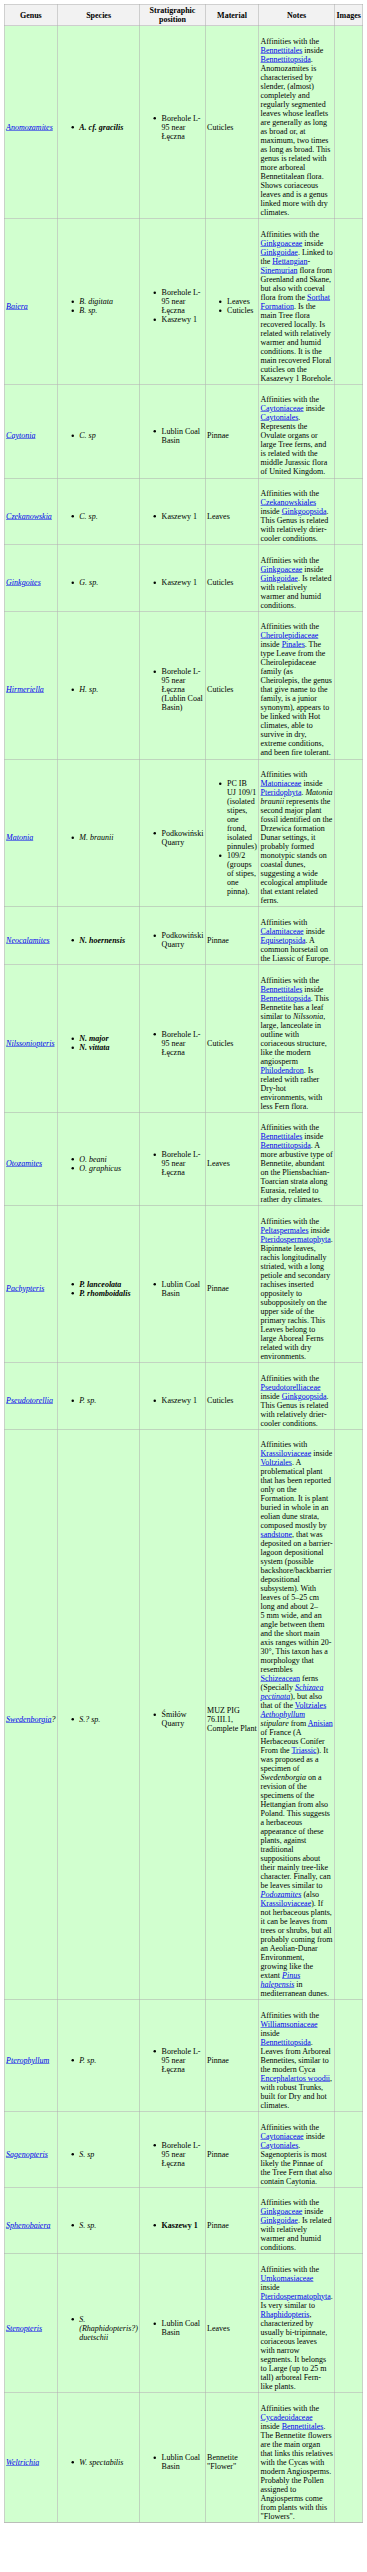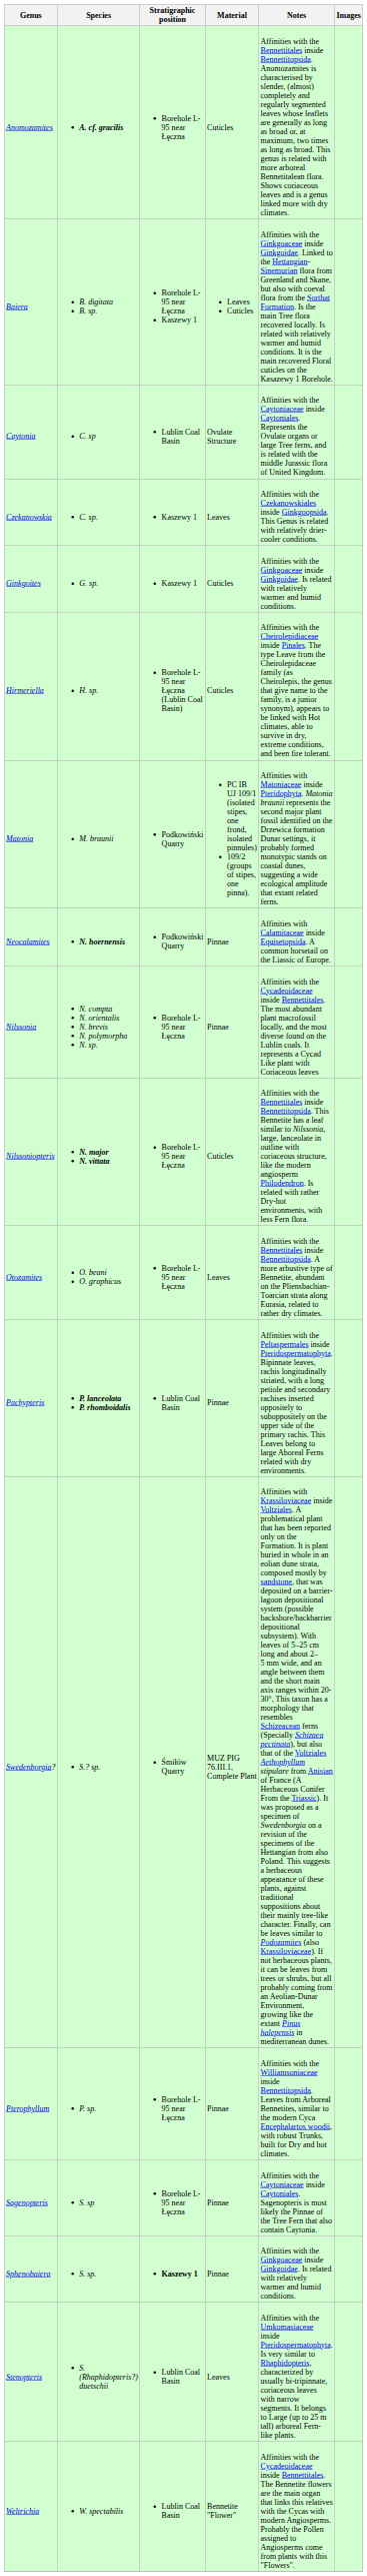 <table class = "wikitable">
 <tr>
 <th>Genus</th>
 <th>Species</th>
 <th>Stratigraphic position</th>
 <th>Material</th>
 <th>Notes</th>
 <th>Images</th>
 </tr>
 <tr>
 <td style="background:#D1FFCF;"><br><em><a href='#'>Anomozamites</a></em></td>
 <td style="background:#D1FFCF;"><strong><br><ul><li><em>A. cf. gracilis</em></li></ul></strong></td>
 <td style="background:#D1FFCF;"><br><ul><li>Borehole L-95 near Łęczna</li></ul></td>
 <td style="background:#D1FFCF;"><br>Cuticles</td>
 <td style="background:#D1FFCF;"><br>Affinities with the <a href='#'>Bennettitales</a> inside <a href='#'>Bennettitopsida</a>. Anomozamites is characterised by slender, (almost) completely and regularly segmented leaves whose leaflets are generally as long as broad or, at maximum, two times as long as broad. This genus is related with more arboreal Bennetitalean flora. Shows coriaceous leaves and is a genus linked more with dry climates.</td>
 <td style="background:#D1FFCF;"><br></td>
 </tr>
 <tr>
 <td style="background:#D1FFCF;"><br><em><a href='#'>Baiera</a></em></td>
 <td style="background:#D1FFCF;"><br><ul><li><em>B. digitata</em></li><li><em>B. sp.</em></li></ul></td>
 <td style="background:#D1FFCF;"><br><ul><li>Borehole L-95 near Łęczna</li><li>Kaszewy 1</li></ul></td>
 <td style="background:#D1FFCF;"><br><ul><li>Leaves</li><li>Cuticles</li></ul></td>
 <td style="background:#D1FFCF;"><br>Affinities with the <a href='#'>Ginkgoaceae</a> inside <a href='#'>Ginkgoidae</a>. Linked to the <a href='#'>Hettangian</a>-<a href='#'>Sinemurian</a> flora from Greenland and Skane, but also with coeval flora from the <a href='#'>Sorthat Formation</a>. Is the main Tree flora recovered locally. Is related with relatively warmer and  humid conditions. It is the main recovered Floral cuticles on the Kasazewy 1 Borehole.</td>
 <td style="background:#D1FFCF;"><br></td>
 </tr>
 <tr>
 <td style="background:#D1FFCF;"><br><em><a href='#'>Caytonia</a></em></td>
 <td style="background:#D1FFCF;"><br><ul><li><em>C. sp</em></li></ul></td>
 <td style="background:#D1FFCF;"><br><ul><li>Lublin Coal Basin</li></ul></td>
-<td style="background:#D1FFCF;"><br>Pinnae</td>
+<td style="background:#D1FFCF;"><br>Ovulate Structure</td>
 <td style="background:#D1FFCF;"><br>Affinities with the <a href='#'>Caytoniaceae</a> inside <a href='#'>Caytoniales</a>. Represents the Ovulate organs or large Tree ferns, and is related with the middle Jurassic flora of United Kingdom.</td>
 <td style="background:#D1FFCF;"><br></td>
 </tr>
 <tr>
 <td style="background:#D1FFCF;"><br><em><a href='#'>Czekanowskia</a></em></td>
 <td style="background:#D1FFCF;"><br><ul><li><em>C. sp.</em></li></ul></td>
 <td style="background:#D1FFCF;"><br><ul><li>Kaszewy 1</li></ul></td>
 <td style="background:#D1FFCF;"><br>Leaves</td>
 <td style="background:#D1FFCF;"><br>Affinities with the <a href='#'>Czekanowskiales</a> inside <a href='#'>Ginkgoopsida</a>. This Genus is related with relatively drier-cooler conditions.</td>
 <td style="background:#D1FFCF;"></td>
 </tr>
 <tr>
 <td style="background:#D1FFCF;"><br><em><a href='#'>Ginkgoites</a></em></td>
 <td style="background:#D1FFCF;"><br><ul><li><em>G. sp.</em></li></ul></td>
 <td style="background:#D1FFCF;"><br><ul><li>Kaszewy 1</li></ul></td>
 <td style="background:#D1FFCF;"><br>Cuticles</td>
 <td style="background:#D1FFCF;"><br>Affinities with the <a href='#'>Ginkgoaceae</a> inside <a href='#'>Ginkgoidae</a>. Is related with relatively warmer and  humid conditions.</td>
 <td style="background:#D1FFCF;"><br></td>
 </tr>
 <tr>
 <td style="background:#D1FFCF;"><br><em><a href='#'>Hirmeriella</a></em></td>
 <td style="background:#D1FFCF;"><br><ul><li><em>H. sp.</em></li></ul></td>
 <td style="background:#D1FFCF;"><br><ul><li>Borehole L-95 near Łęczna (Lublin Coal Basin)</li></ul></td>
 <td style="background:#D1FFCF;"><br>Cuticles</td>
 <td style="background:#D1FFCF;"><br>Affinities with the <a href='#'>Cheirolepidiaceae</a> inside <a href='#'>Pinales</a>. The type Leave from the Cheirolepidaceae family (as Cheirolepis, the genus that give name to the family, is a junior synonym), appears to be linked with Hot climates, able to survive in dry, extreme conditions, and been fire tolerant.</td>
 <td style="background:#D1FFCF;"></td>
 </tr>
 <tr>
 <td style="background:#D1FFCF;"><br><em><a href='#'>Matonia</a></em></td>
 <td style="background:#D1FFCF;"><br><ul><li><em>M. braunii</em></li></ul></td>
 <td style="background:#D1FFCF;"><br><ul><li>Podkowiński Quarry</li></ul></td>
 <td style="background:#D1FFCF;"><br><ul><li>PC IB UJ 109/1 (isolated stipes, one frond, isolated pinnules)</li><li>109/2 (groups of stipes, one pinna).</li></ul></td>
 <td style="background:#D1FFCF;"><br>Affinities with <a href='#'>Matoniaceae</a> inside <a href='#'>Pteridophyta</a>. <em>Matonia braunii</em> represents the second major plant fossil identified on the Drzewica formation Dunar settings,  it probably formed monotypic stands on coastal dunes, suggesting a wide ecological amplitude that extant related ferns.</td>
 <td style="background:#D1FFCF;"></td>
 </tr>
 <tr>
 <td style="background:#D1FFCF;"><br><em><a href='#'>Neocalamites</a></em></td>
 <td style="background:#D1FFCF;"><strong><br><ul><li><em>N. hoernensis</em></li></ul></strong></td>
 <td style="background:#D1FFCF;"><br><ul><li>Podkowiński Quarry</li></ul></td>
 <td style="background:#D1FFCF;"><br>Pinnae</td>
 <td style="background:#D1FFCF;"><br>Affinities with <a href='#'>Calamitaceae</a> inside <a href='#'>Equisetopsida</a>. A common horsetail on the Liassic of Europe.</td>
 <td style="background:#D1FFCF;"><br></td>
 </tr>
 <tr>
+<td style="background:#D1FFCF;"><br><em><a href='#'>Nilssonia</a></em></td>
+<td style="background:#D1FFCF;"><br><ul><li><em>N. compta</em></li><li><em>N. orientalis</em></li><li><em>N. brevis</em></li><li><em>N. polymorpha</em></li><li><em>N. sp.</em></li></ul></td>
+<td style="background:#D1FFCF;"><br><ul><li>Borehole L-95 near Łęczna</li></ul></td>
+<td style="background:#D1FFCF;"><br>Pinnae</td>
+<td style="background:#D1FFCF;"><br>Affinities with the <a href='#'>Cycadeoidaceae</a> inside <a href='#'>Bennettitales</a>. The most abundant plant macrofossil locally, and the most diverse found on the Lublin coals. It represents a Cycad Like plant with Coriaceous leaves</td>
+<td style="background:#D1FFCF;"><br></td>
+</tr>
+<tr>
 <td style="background:#D1FFCF;"><br><em><a href='#'>Nilssoniopteris</a></em></td>
 <td style="background:#D1FFCF;"><strong><br><ul><li><em>N. major</em></li><li><em>N. vittata</em></li></ul></strong></td>
 <td style="background:#D1FFCF;"><br><ul><li>Borehole L-95 near Łęczna</li></ul></td>
 <td style="background:#D1FFCF;"><br>Cuticles</td>
 <td style="background:#D1FFCF;"><br>Affinities with the <a href='#'>Bennettitales</a> inside <a href='#'>Bennettitopsida</a>. This Bennetite has a leaf similar to <em>Nilssonia</em>, large, lanceolate in outline with coriaceous structure, like the modern angiosperm <a href='#'>Philodendron</a>. Is related with rather Dry-hot environments, with less Fern flora.</td>
 <td style="background:#D1FFCF;"></td>
 </tr>
 <tr>
 <td style="background:#D1FFCF;"><br><em><a href='#'>Otozamites</a></em></td>
 <td style="background:#D1FFCF;"><br><ul><li><em>O. beani</em></li><li><em>O. graphicus</em></li></ul></td>
 <td style="background:#D1FFCF;"><br><ul><li>Borehole L-95 near Łęczna</li></ul></td>
 <td style="background:#D1FFCF;"><br>Leaves</td>
 <td style="background:#D1FFCF;"><br>Affinities with the <a href='#'>Bennettitales</a> inside <a href='#'>Bennettitopsida</a>. A more arbustive type of Bennetite, abundant on the Pliensbachian-Toarcian strata along Eurasia, related to rather dry climates.</td>
 <td style="background:#D1FFCF;"><br></td>
 </tr>
 <tr>
 <td style="background:#D1FFCF;"><br><em><a href='#'>Pachypteris</a></em></td>
 <td style="background:#D1FFCF;"><strong><br><ul><li><em>P. lanceolata</em></li><li><em>P. rhomboidalis</em></li></ul></strong></td>
 <td style="background:#D1FFCF;"><br><ul><li>Lublin Coal Basin</li></ul></td>
 <td style="background:#D1FFCF;"><br>Pinnae</td>
 <td style="background:#D1FFCF;"><br>Affinities with the <a href='#'>Peltaspermales</a> inside <a href='#'>Pteridospermatophyta</a>. Bipinnate leaves, rachis longitudinally striated, with a long petiole and secondary rachises inserted oppositely to suboppositely on the upper side of the primary rachis. This Leaves belong to large Aboreal Ferns related with dry environments.</td>
-<td style="background:#D1FFCF;"></td>
-</tr>
-<tr>
-<td style="background:#D1FFCF;"><br><em><a href='#'>Pseudotorellia</a></em></td>
-<td style="background:#D1FFCF;"><br><ul><li><em>P. sp.</em></li></ul></td>
-<td style="background:#D1FFCF;"><br><ul><li>Kaszewy 1</li></ul></td>
-<td style="background:#D1FFCF;"><br>Cuticles</td>
-<td style="background:#D1FFCF;"><br>Affinities with the <a href='#'>Pseudotorelliaceae</a> inside <a href='#'>Ginkgoopsida</a>. This Genus is related with relatively drier-cooler conditions.</td>
 <td style="background:#D1FFCF;"></td>
 </tr>
 <tr>
 <td style="background:#D1FFCF;"><br><em><a href='#'>Swedenborgia</a>?</em></td>
 <td style="background:#D1FFCF;"><br><ul><li><em>S.? sp.</em></li></ul></td>
 <td style="background:#D1FFCF;"><br><ul><li>Śmiłów Quarry</li></ul></td>
 <td style="background:#D1FFCF;"><br>MUZ PIG 76.III.1, Complete Plant</td>
 <td style="background:#D1FFCF;"><br>Affinities with <a href='#'>Krassiloviaceae</a> inside <a href='#'>Voltziales</a>. A problematical plant that has been reported  only on the Formation. It is plant buried in whole in an eolian dune strata, composed mostly by <a href='#'>sandstone</a>, that was deposited on a barrier-lagoon depositional system (possible backshore/backbarrier depositional subsystem). With leaves of 5–25 cm long and about 2–5 mm wide, and an angle between them and the short main axis ranges within 20-30°, This taxon has a morphology that resembles <a href='#'>Schizeacean</a> ferns (Specially <em><a href='#'>Schizaea pectinata</a></em>), but also that of the <a href='#'>Voltziales</a>  <em><a href='#'>Aethophyllum</a> stipulare</em> from <a href='#'>Anisian</a> of France (A Herbaceous Conifer From the <a href='#'>Triassic</a>). It was proposed as a specimen of <em>Swedenborgia</em> on a revision of the specimens of the Hettangian from also Poland. This suggests a herbaceous appearance of these plants, against traditional suppositions about their mainly tree-like character. Finally, can be leaves similar to <em><a href='#'>Podozamites</a></em> (also <a href='#'>Krassiloviaceae</a>). If not herbaceous plants, it can be leaves from trees or shrubs, but all probably coming from an Aeolian-Dunar Environment, growing like the extant <em><a href='#'>Pinus halepensis</a></em> in mediterranean dunes.</td>
 <td style="background:#D1FFCF;"><br></td>
 </tr>
 <tr>
 <td style="background:#D1FFCF;"><br><em><a href='#'>Pterophyllum</a></em></td>
 <td style="background:#D1FFCF;"><br><ul><li><em>P. sp.</em></li></ul></td>
 <td style="background:#D1FFCF;"><br><ul><li>Borehole L-95 near Łęczna</li></ul></td>
 <td style="background:#D1FFCF;"><br>Pinnae</td>
 <td style="background:#D1FFCF;"><br>Affinities with the <a href='#'>Williamsoniaceae</a> inside <a href='#'>Bennettitopsida</a>. Leaves from Arboreal Bennetites, similar to the modern Cyca <a href='#'>Encephalartos woodii</a>, with robust Trunks, built for Dry and hot climates.</td>
 <td style="background:#D1FFCF;"><br></td>
 </tr>
 <tr>
 <td style="background:#D1FFCF;"><br><em><a href='#'>Sagenopteris</a></em></td>
 <td style="background:#D1FFCF;"><br><ul><li><em>S. sp</em></li></ul></td>
 <td style="background:#D1FFCF;"><br><ul><li>Borehole L-95 near Łęczna</li></ul></td>
 <td style="background:#D1FFCF;"><br>Pinnae</td>
 <td style="background:#D1FFCF;"><br>Affinities with the <a href='#'>Caytoniaceae</a> inside <a href='#'>Caytoniales</a>. Sagenopteris is most likely the Pinnae of the Tree Fern that also contain Caytonia.</td>
 <td style="background:#D1FFCF;"><br></td>
 </tr>
 <tr>
 <td style="background:#D1FFCF;"><br><em><a href='#'>Sphenobaiera</a></em></td>
 <td style="background:#D1FFCF;"><br><ul><li><em>S. sp.</em></li></ul></td>
 <td style="background:#D1FFCF;"><strong><br><ul><li>Kaszewy 1</li></ul></strong></td>
 <td style="background:#D1FFCF;"><br>Pinnae</td>
 <td style="background:#D1FFCF;"><br>Affinities with the <a href='#'>Ginkgoaceae</a> inside <a href='#'>Ginkgoidae</a>. Is related with relatively warmer and  humid conditions.</td>
 <td style="background:#D1FFCF;"><br></td>
 </tr>
 <tr>
 <td style="background:#D1FFCF;"><br><em><a href='#'>Stenopteris</a></em></td>
 <td style="background:#D1FFCF;"><br><ul><li><em>S. (Rhaphidopteris?) duetschii</em></li></ul></td>
 <td style="background:#D1FFCF;"><br><ul><li>Lublin Coal Basin</li></ul></td>
 <td style="background:#D1FFCF;"><br>Leaves</td>
 <td style="background:#D1FFCF;"><br>Affinities with the <a href='#'>Umkomasiaceae</a> inside <a href='#'>Pteridospermatophyta</a>. Is very similar to <a href='#'>Rhaphidopteris</a>, characterized by usually bi-tripinnate, coriaceous leaves with narrow segments. It belongs to Large (up to 25 m tall) arboreal Fern-like plants.</td>
 <td style="background:#D1FFCF;"></td>
 </tr>
 <tr>
 <td style="background:#D1FFCF;"><br><em><a href='#'>Weltrichia</a></em></td>
 <td style="background:#D1FFCF;"><br><ul><li><em>W. spectabilis</em></li></ul></td>
 <td style="background:#D1FFCF;"><br><ul><li>Lublin Coal Basin</li></ul></td>
 <td style="background:#D1FFCF;"><br>Bennetite "Flower"</td>
 <td style="background:#D1FFCF;"><br>Affinities with the <a href='#'>Cycadeoidaceae</a> inside <a href='#'>Bennettitales</a>. The Bennetite flowers are the main organ that links this relatives with the Cycas with modern Angiosperms. Probably the Pollen assigned to Angiosperms come from plants with this "Flowers".</td>
 <td style="background:#D1FFCF;"></td>
 </tr>
 <tr>
 </tr>
 </table>
